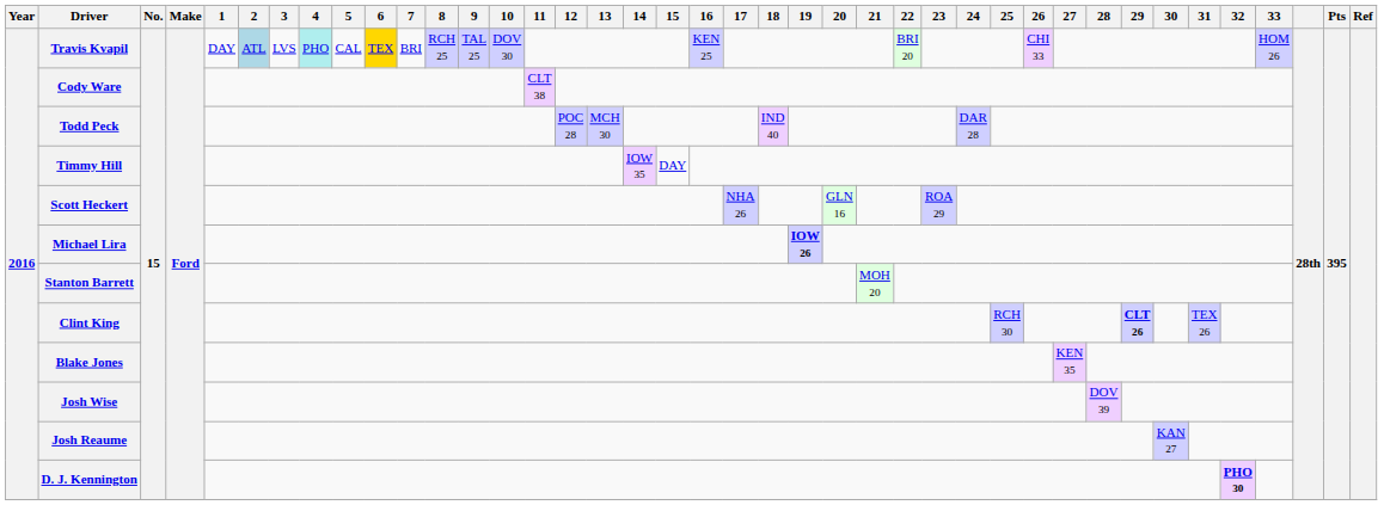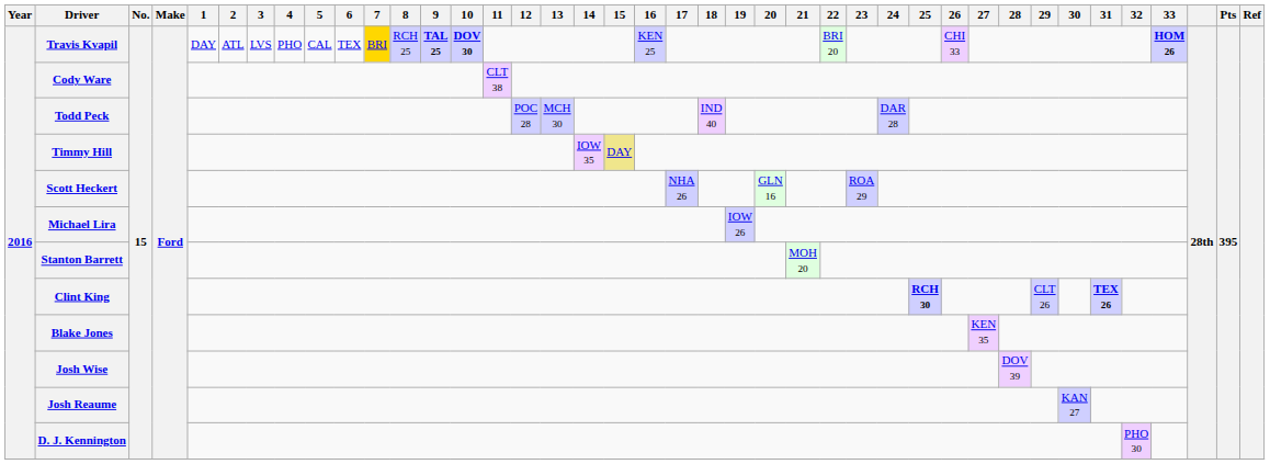 <table class="wikitable" style="text-align:center; font-size:75%">
 <tr>
 <th>Year</th>
 <th>Driver</th>
 <th>No.</th>
 <th>Make</th>
 <th>1</th>
 <th>2</th>
 <th>3</th>
 <th>4</th>
 <th>5</th>
 <th>6</th>
 <th>7</th>
 <th>8</th>
 <th>9</th>
 <th>10</th>
 <th>11</th>
 <th>12</th>
 <th>13</th>
 <th>14</th>
 <th>15</th>
 <th>16</th>
 <th>17</th>
 <th>18</th>
 <th>19</th>
 <th>20</th>
 <th>21</th>
 <th>22</th>
 <th>23</th>
 <th>24</th>
 <th>25</th>
 <th>26</th>
 <th>27</th>
 <th>28</th>
 <th>29</th>
 <th>30</th>
 <th>31</th>
 <th>32</th>
 <th>33</th>
 <th></th>
 <th>Pts</th>
 <th>Ref</th>
 </tr>
 <tr>
 <th Rowspan=12><a href='#'>2016</a></th>
 <th><a href='#'>Travis Kvapil</a></th>
 <th Rowspan=12>15</th>
 <th Rowspan=12><a href='#'>Ford</a></th>
 <td><a href='#'>DAY</a></td>
-<td style="background: lightblue;"><a href='#'>ATL</a></td>
+<td><a href='#'>ATL</a></td>
 <td><a href='#'>LVS</a></td>
-<td style="background: paleturquoise;"><a href='#'>PHO</a></td>
+<td><a href='#'>PHO</a></td>
 <td><a href='#'>CAL</a></td>
-<td style="background: gold;"><a href='#'>TEX</a></td>
-<td><a href='#'>BRI</a></td>
+<td><a href='#'>TEX</a></td>
+<td style="background: gold;"><a href='#'>BRI</a></td>
 <td style="background:#CFCFFF;"><a href='#'>RCH</a><br><small>25</small></td>
-<td style="background:#CFCFFF;"><a href='#'>TAL</a><br><small>25</small></td>
-<td style="background:#CFCFFF;"><a href='#'>DOV</a><br><small>30</small></td>
+<td style="background:#CFCFFF;"><strong><a href='#'>TAL</a><br><small>25</small></strong></td>
+<td style="background:#CFCFFF;"><strong><a href='#'>DOV</a><br><small>30</small></strong></td>
 <td colspan=5></td>
 <td style="background:#CFCFFF;"><a href='#'>KEN</a><br><small>25</small></td>
 <td colspan=5></td>
 <td style="background:#DFFFDF;"><a href='#'>BRI</a><br><small>20</small></td>
 <td colspan=3></td>
 <td style="background:#EFCFFF;"><a href='#'>CHI</a><br><small>33</small></td>
 <td colspan=6></td>
-<td style="background:#CFCFFF;"><a href='#'>HOM</a><br><small>26</small></td>
+<td style="background:#CFCFFF;"><strong><a href='#'>HOM</a><br><small>26</small></strong></td>
 <th Rowspan=12>28th</th>
 <th Rowspan=12>395</th>
 <th Rowspan=12></th>
 </tr>
 <tr>
 <th><a href='#'>Cody Ware</a></th>
 <td colspan=10></td>
 <td style="background:#EFCFFF;"><a href='#'>CLT</a><br><small>38</small></td>
 <td colspan=22></td>
 </tr>
 <tr>
 <th><a href='#'>Todd Peck</a></th>
 <td colspan=11></td>
 <td style="background:#CFCFFF;"><a href='#'>POC</a><br><small>28</small></td>
 <td style="background:#CFCFFF;"><a href='#'>MCH</a><br><small>30</small></td>
 <td colspan=4></td>
 <td style="background:#EFCFFF;"><a href='#'>IND</a><br><small>40</small></td>
 <td colspan=5></td>
 <td style="background:#CFCFFF;"><a href='#'>DAR</a><br><small>28</small></td>
 <td colspan=9></td>
 </tr>
 <tr>
 <th><a href='#'>Timmy Hill</a></th>
 <td colspan=13></td>
 <td style="background:#EFCFFF;"><a href='#'>IOW</a><br><small>35</small></td>
-<td><a href='#'>DAY</a></td>
+<td style="background: khaki;"><a href='#'>DAY</a></td>
 <td colspan=18></td>
 </tr>
 <tr>
 <th><a href='#'>Scott Heckert</a></th>
 <td colspan=16></td>
 <td style="background:#CFCFFF;"><a href='#'>NHA</a><br><small>26</small></td>
 <td colspan=2></td>
 <td style="background:#DFFFDF;"><a href='#'>GLN</a><br><small>16</small></td>
 <td colspan=2></td>
 <td style="background:#CFCFFF;"><a href='#'>ROA</a><br><small>29</small></td>
 <td colspan=10></td>
 </tr>
 <tr>
 <th><a href='#'>Michael Lira</a></th>
 <td colspan=18></td>
-<td style="background:#CFCFFF;"><strong><a href='#'>IOW</a><br><small>26</small></strong></td>
+<td style="background:#CFCFFF;"><a href='#'>IOW</a><br><small>26</small></td>
 <td colspan=14></td>
 </tr>
 <tr>
 <th><a href='#'>Stanton Barrett</a></th>
 <td colspan=20></td>
 <td style="background:#DFFFDF;"><a href='#'>MOH</a><br><small>20</small></td>
 <td colspan=12></td>
 </tr>
 <tr>
 <th><a href='#'>Clint King</a></th>
 <td colspan=24></td>
-<td style="background:#CFCFFF;"><a href='#'>RCH</a><br><small>30</small></td>
+<td style="background:#CFCFFF;"><strong><a href='#'>RCH</a><br><small>30</small></strong></td>
 <td colspan=3></td>
-<td style="background:#CFCFFF;"><strong><a href='#'>CLT</a><br><small>26</small></strong></td>
+<td style="background:#CFCFFF;"><a href='#'>CLT</a><br><small>26</small></td>
 <td colspan=1></td>
-<td style="background:#CFCFFF;"><a href='#'>TEX</a><br><small>26</small></td>
+<td style="background:#CFCFFF;"><strong><a href='#'>TEX</a><br><small>26</small></strong></td>
 <td colspan=2></td>
 </tr>
 <tr>
 <th><a href='#'>Blake Jones</a></th>
 <td colspan=26></td>
 <td style="background:#EFCFFF;"><a href='#'>KEN</a><br><small>35</small></td>
 <td colspan=6></td>
 </tr>
 <tr>
 <th><a href='#'>Josh Wise</a></th>
 <td colspan=27></td>
 <td style="background:#EFCFFF;"><a href='#'>DOV</a><br><small>39</small></td>
 <td colspan=5></td>
 </tr>
 <tr>
 <th><a href='#'>Josh Reaume</a></th>
 <td colspan=29></td>
 <td style="background:#CFCFFF;"><a href='#'>KAN</a><br><small>27</small></td>
 <td colspan=3></td>
 </tr>
 <tr>
 <th><a href='#'>D. J. Kennington</a></th>
 <td colspan=31></td>
-<td style="background:#EFCFFF;"><strong><a href='#'>PHO</a><br><small>30</small></strong></td>
+<td style="background:#EFCFFF;"><a href='#'>PHO</a><br><small>30</small></td>
 <td colspan=1></td>
 </tr>
 <tr>
 </tr>
 </table>
